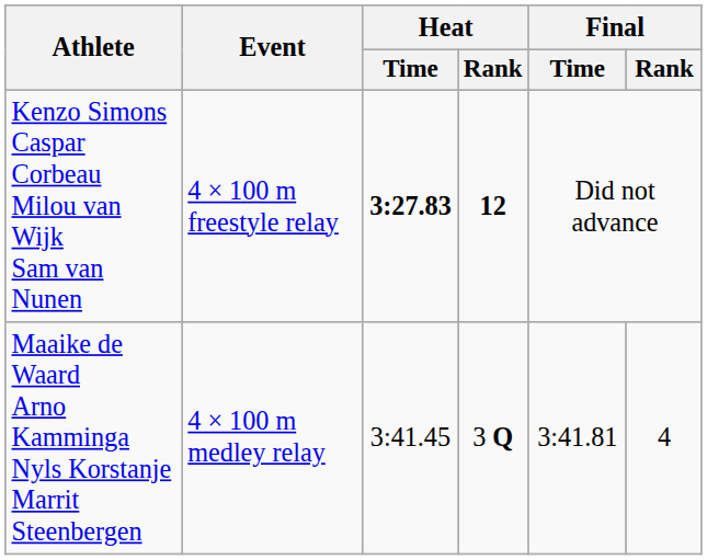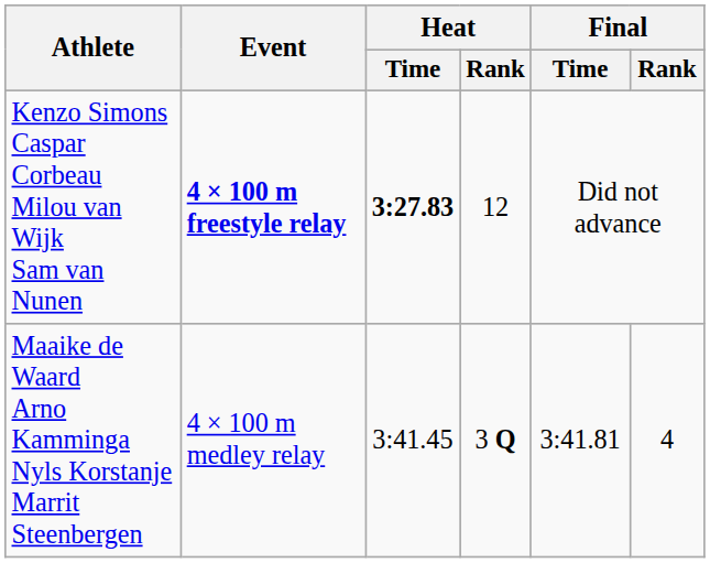 <table class="wikitable" style="text-align:center; font-size:90%; width:30%;">
 <tr>
 <th rowspan="2">Athlete</th>
 <th rowspan="2">Event</th>
 <th colspan="2">Heat</th>
 <th colspan="2">Final</th>
 </tr>
 <tr style="font-size:95%">
 <th>Time</th>
 <th>Rank</th>
 <th>Time</th>
 <th>Rank</th>
 </tr>
 <tr>
 <td align=left><a href='#'>Kenzo Simons</a><br><a href='#'>Caspar Corbeau</a><br><a href='#'>Milou van Wijk</a><br><a href='#'>Sam van Nunen</a></td>
-<td align=left><a href='#'>4 × 100 m freestyle relay</a></td>
+<td align=left><strong><a href='#'>4 × 100 m freestyle relay</a></strong></td>
 <td><strong>3:27.83</strong></td>
-<td><strong>12</strong></td>
+<td>12</td>
 <td colspan=2>Did not advance</td>
 </tr>
 <tr>
 <td align=left><a href='#'>Maaike de Waard</a><br><a href='#'>Arno Kamminga</a> <br><a href='#'>Nyls Korstanje</a> <br><a href='#'>Marrit Steenbergen</a></td>
 <td align=left><a href='#'>4 × 100 m medley relay</a></td>
 <td>3:41.45</td>
 <td>3 <strong>Q</strong></td>
 <td>3:41.81</td>
 <td>4</td>
 </tr>
 </table>
